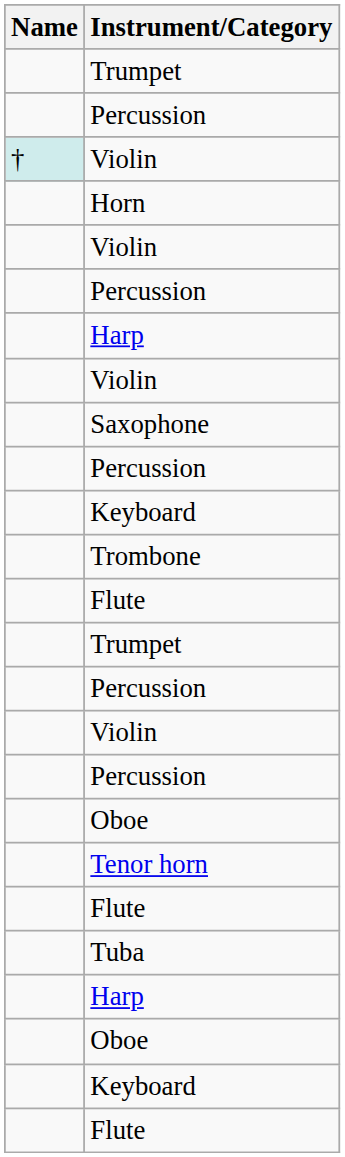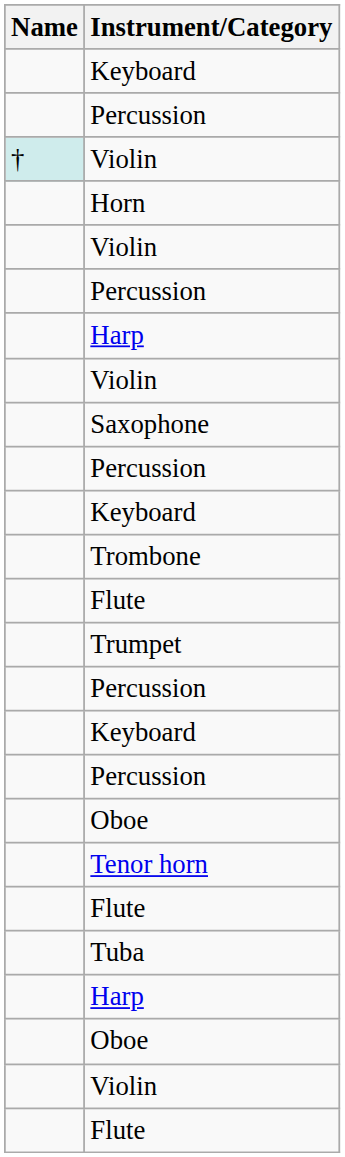 <table class="wikitable sortable" style="font-size: 95%">
 <tr>
 <th>Name</th>
 <th>Instrument/Category</th>
 </tr>
 <tr>
 <td></td>
-<td>Trumpet</td>
+<td>Keyboard</td>
 </tr>
 <tr>
 <td><strong></strong></td>
 <td>Percussion</td>
 </tr>
 <tr>
 <td bgcolor="#CFECEC"><strong></strong>†</td>
 <td>Violin</td>
 </tr>
 <tr>
 <td></td>
 <td>Horn</td>
 </tr>
 <tr>
 <td></td>
 <td>Violin</td>
 </tr>
 <tr>
 <td></td>
 <td>Percussion</td>
 </tr>
 <tr>
 <td></td>
 <td><a href='#'>Harp</a></td>
 </tr>
 <tr>
 <td></td>
 <td>Violin</td>
 </tr>
 <tr>
 <td></td>
 <td>Saxophone</td>
 </tr>
 <tr>
 <td></td>
 <td>Percussion</td>
 </tr>
 <tr>
 <td></td>
 <td>Keyboard</td>
 </tr>
 <tr>
 <td></td>
 <td>Trombone</td>
 </tr>
 <tr>
 <td><strong></strong></td>
 <td>Flute</td>
 </tr>
 <tr>
 <td><strong></strong></td>
 <td>Trumpet</td>
 </tr>
 <tr>
 <td></td>
 <td>Percussion</td>
 </tr>
 <tr>
 <td></td>
-<td>Violin</td>
+<td>Keyboard</td>
 </tr>
 <tr>
 <td></td>
 <td>Percussion</td>
 </tr>
 <tr>
 <td></td>
 <td>Oboe</td>
 </tr>
 <tr>
 <td></td>
 <td><a href='#'>Tenor horn</a></td>
 </tr>
 <tr>
 <td></td>
 <td>Flute</td>
 </tr>
 <tr>
 <td></td>
 <td>Tuba</td>
 </tr>
 <tr>
 <td></td>
 <td><a href='#'>Harp</a></td>
 </tr>
 <tr>
 <td></td>
 <td>Oboe</td>
 </tr>
 <tr>
 <td></td>
-<td>Keyboard</td>
+<td>Violin</td>
 </tr>
 <tr>
 <td><strong></strong></td>
 <td>Flute</td>
 </tr>
 </table>
